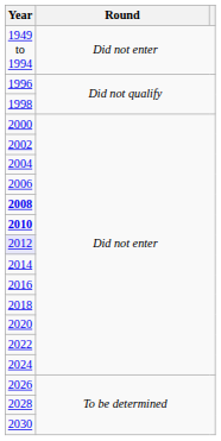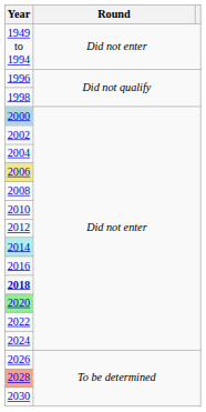 <table class="wikitable" style="text-align: center; font-size:90%">
 <tr>
 <th>Year</th>
 <th style="width:200px">Round</th>
 <th></th>
 </tr>
 <tr>
 <td><a href='#'>1949</a><br>to<br><a href='#'>1994</a></td>
 <td colspan="2"><em>Did not enter</em></td>
 </tr>
 <tr>
 <td><a href='#'>1996</a></td>
 <td colspan="2" rowspan="2"><em>Did not qualify</em></td>
 </tr>
 <tr>
 <td><a href='#'>1998</a></td>
 </tr>
 <tr>
-<td><a href='#'>2000</a></td>
+<td style="background: lightblue;"><a href='#'>2000</a></td>
 <td colspan="2" rowspan="13"><em>Did not enter</em></td>
 </tr>
 <tr>
 <td><a href='#'>2002</a></td>
 </tr>
 <tr>
 <td><a href='#'>2004</a></td>
 </tr>
 <tr>
-<td><a href='#'>2006</a></td>
+<td style="background: khaki;"><a href='#'>2006</a></td>
 </tr>
 <tr>
-<td><strong><a href='#'>2008</a></strong></td>
+<td><a href='#'>2008</a></td>
 </tr>
 <tr>
-<td><strong><a href='#'>2010</a></strong></td>
+<td><a href='#'>2010</a></td>
 </tr>
 <tr>
-<td style="background: lavender;"><a href='#'>2012</a></td>
+<td><a href='#'>2012</a></td>
 </tr>
 <tr>
-<td><a href='#'>2014</a></td>
+<td style="background: paleturquoise;"><a href='#'>2014</a></td>
 </tr>
 <tr>
 <td><a href='#'>2016</a></td>
 </tr>
 <tr>
-<td><a href='#'>2018</a></td>
+<td><strong><a href='#'>2018</a></strong></td>
 </tr>
 <tr>
-<td><a href='#'>2020</a></td>
+<td style="background: lightgreen;"><a href='#'>2020</a></td>
 </tr>
 <tr>
 <td><a href='#'>2022</a></td>
 </tr>
 <tr>
 <td><a href='#'>2024</a></td>
 </tr>
 <tr>
 <td><a href='#'>2026</a></td>
 <td colspan="2" rowspan="3"><em>To be determined</em></td>
 </tr>
 <tr>
-<td><a href='#'>2028</a></td>
+<td style="background: lightsalmon;"><a href='#'>2028</a></td>
 </tr>
 <tr>
 <td><a href='#'>2030</a></td>
 </tr>
 </table>
